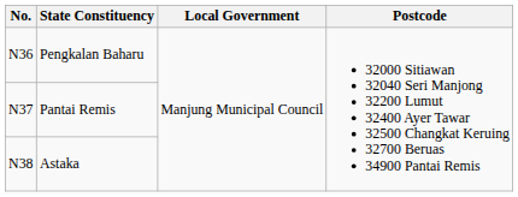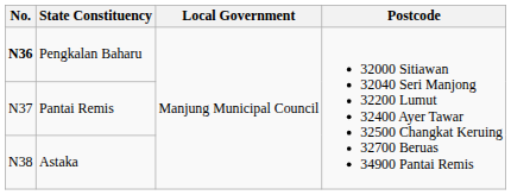 <table class="wikitable">
 <tr>
 <th>No.</th>
 <th>State Constituency</th>
 <th>Local Government</th>
 <th>Postcode</th>
 </tr>
 <tr>
-<td>N36</td>
+<td><strong>N36</strong></td>
 <td>Pengkalan Baharu</td>
 <td rowspan="3">Manjung Municipal Council</td>
 <td rowspan="3"><br><ul><li>32000 Sitiawan</li><li>32040 Seri Manjong</li><li>32200 Lumut</li><li>32400 Ayer Tawar</li><li>32500 Changkat Keruing</li><li>32700 Beruas</li><li>34900 Pantai Remis</li></ul></td>
 </tr>
 <tr>
 <td>N37</td>
 <td>Pantai Remis</td>
 </tr>
 <tr>
 <td>N38</td>
 <td>Astaka</td>
 </tr>
 </table>
